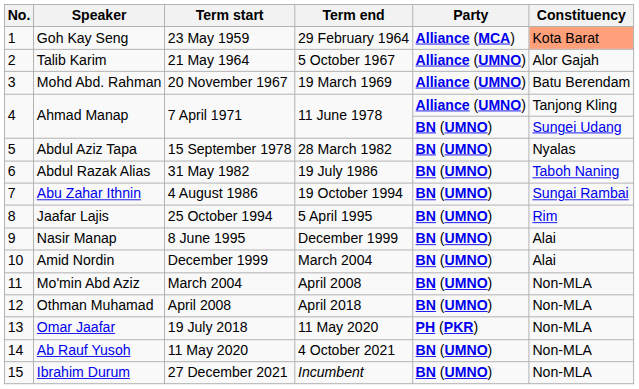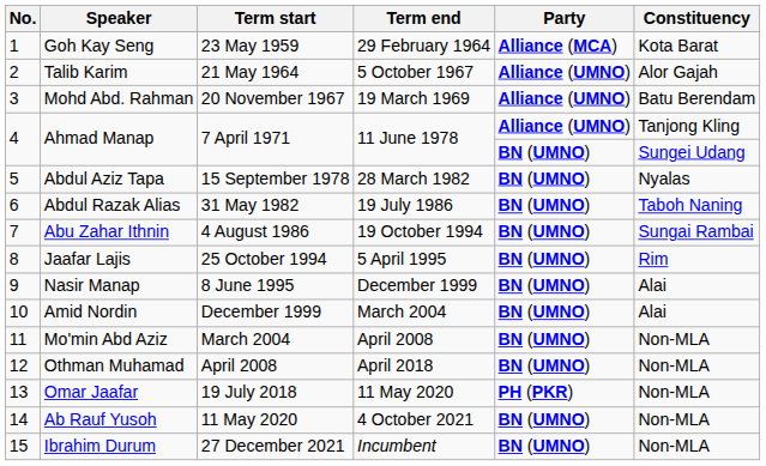 <table class=wikitable>
 <tr>
 <th>No.</th>
 <th>Speaker</th>
 <th>Term start</th>
 <th>Term end</th>
 <th>Party</th>
 <th>Constituency</th>
 </tr>
 <tr>
 <td>1</td>
 <td>Goh Kay Seng</td>
 <td>23 May 1959</td>
 <td>29 February 1964</td>
 <td><strong><a href='#'>Alliance</a></strong> (<strong><a href='#'>MCA</a></strong>)</td>
-<td style="background: lightsalmon;">Kota Barat</td>
+<td>Kota Barat</td>
 </tr>
 <tr>
 <td>2</td>
 <td>Talib Karim</td>
 <td>21 May 1964</td>
 <td>5 October 1967</td>
 <td><strong><a href='#'>Alliance</a></strong> (<strong><a href='#'>UMNO</a></strong>)</td>
 <td>Alor Gajah</td>
 </tr>
 <tr>
 <td>3</td>
 <td>Mohd Abd. Rahman</td>
 <td>20 November 1967</td>
 <td>19 March 1969</td>
 <td><strong><a href='#'>Alliance</a></strong> (<strong><a href='#'>UMNO</a></strong>)</td>
 <td>Batu Berendam</td>
 </tr>
 <tr>
 <td rowspan=2>4</td>
 <td rowspan=2>Ahmad Manap</td>
 <td rowspan=2>7 April 1971</td>
 <td rowspan=2>11 June 1978</td>
 <td><strong><a href='#'>Alliance</a></strong> (<strong><a href='#'>UMNO</a></strong>)</td>
 <td>Tanjong Kling</td>
 </tr>
 <tr>
 <td><strong><a href='#'>BN</a></strong> (<strong><a href='#'>UMNO</a></strong>)</td>
 <td><a href='#'>Sungei Udang</a></td>
 </tr>
 <tr>
 <td>5</td>
 <td>Abdul Aziz Tapa</td>
 <td>15 September 1978</td>
 <td>28 March 1982</td>
 <td><strong><a href='#'>BN</a></strong> (<strong><a href='#'>UMNO</a></strong>)</td>
 <td>Nyalas</td>
 </tr>
 <tr>
 <td>6</td>
 <td>Abdul Razak Alias</td>
 <td>31 May 1982</td>
 <td>19 July 1986</td>
 <td><strong><a href='#'>BN</a></strong> (<strong><a href='#'>UMNO</a></strong>)</td>
 <td><a href='#'>Taboh Naning</a></td>
 </tr>
 <tr>
 <td>7</td>
 <td><a href='#'>Abu Zahar Ithnin</a></td>
 <td>4 August 1986</td>
 <td>19 October 1994</td>
 <td><strong><a href='#'>BN</a></strong> (<strong><a href='#'>UMNO</a></strong>)</td>
 <td><a href='#'>Sungai Rambai</a></td>
 </tr>
 <tr>
 <td>8</td>
 <td>Jaafar Lajis</td>
 <td>25 October 1994</td>
 <td>5 April 1995</td>
 <td><strong><a href='#'>BN</a></strong> (<strong><a href='#'>UMNO</a></strong>)</td>
 <td><a href='#'>Rim</a></td>
 </tr>
 <tr>
 <td>9</td>
 <td>Nasir Manap</td>
 <td>8 June 1995</td>
 <td>December 1999</td>
 <td><strong><a href='#'>BN</a></strong> (<strong><a href='#'>UMNO</a></strong>)</td>
 <td>Alai</td>
 </tr>
 <tr>
 <td>10</td>
 <td>Amid Nordin</td>
 <td>December 1999</td>
 <td>March 2004</td>
 <td><strong><a href='#'>BN</a></strong> (<strong><a href='#'>UMNO</a></strong>)</td>
 <td>Alai</td>
 </tr>
 <tr>
 <td>11</td>
 <td>Mo'min Abd Aziz</td>
 <td>March 2004</td>
 <td>April 2008</td>
 <td><strong><a href='#'>BN</a></strong> (<strong><a href='#'>UMNO</a></strong>)</td>
 <td>Non-MLA</td>
 </tr>
 <tr>
 <td>12</td>
 <td>Othman Muhamad</td>
 <td>April 2008</td>
 <td>April 2018</td>
 <td><strong><a href='#'>BN</a></strong> (<strong><a href='#'>UMNO</a></strong>)</td>
 <td>Non-MLA</td>
 </tr>
 <tr>
 <td>13</td>
 <td><a href='#'>Omar Jaafar</a></td>
 <td>19 July 2018</td>
 <td>11 May 2020</td>
 <td><strong><a href='#'>PH</a></strong> (<strong><a href='#'>PKR</a></strong>)</td>
 <td>Non-MLA</td>
 </tr>
 <tr>
 <td>14</td>
 <td><a href='#'>Ab Rauf Yusoh</a></td>
 <td>11 May 2020</td>
 <td>4 October 2021</td>
 <td><strong><a href='#'>BN</a></strong> (<strong><a href='#'>UMNO</a></strong>)</td>
 <td>Non-MLA</td>
 </tr>
 <tr>
 <td>15</td>
 <td><a href='#'>Ibrahim Durum</a></td>
 <td>27 December 2021</td>
 <td><em>Incumbent</em></td>
 <td><strong><a href='#'>BN</a></strong> (<strong><a href='#'>UMNO</a></strong>)</td>
 <td>Non-MLA</td>
 </tr>
 </table>
